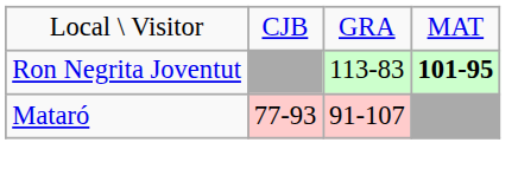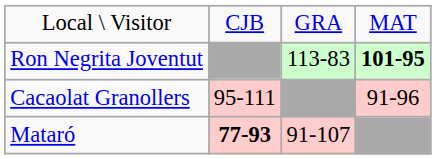 <table class="wikitable" style="text-align:center; font-size:80%; display:inline-table;">
 <tr>
 <td>Local \ Visitor</td>
 <td><a href='#'>CJB</a></td>
 <td><a href='#'>GRA</a></td>
 <td><a href='#'>MAT</a></td>
 </tr>
 <tr>
 <td align=left><a href='#'>Ron Negrita Joventut</a></td>
 <td style="background:#AAAAAA"></td>
 <td style="background:#CFC">113-83</td>
 <td style="background:#CFC"><strong>101-95</strong></td>
 </tr>
 <tr>
+<td align=left><a href='#'>Cacaolat Granollers</a></td>
+<td style="background:#FCC">95-111</td>
+<td style="background:#AAAAAA"></td>
+<td style="background:#FCC">91-96</td>
+</tr>
+<tr>
 <td align=left><a href='#'>Mataró</a></td>
-<td style="background:#FCC">77-93</td>
+<td style="background:#FCC"><strong>77-93</strong></td>
 <td style="background:#FCC">91-107</td>
 <td style="background:#AAAAAA"></td>
 </tr>
 </table>
